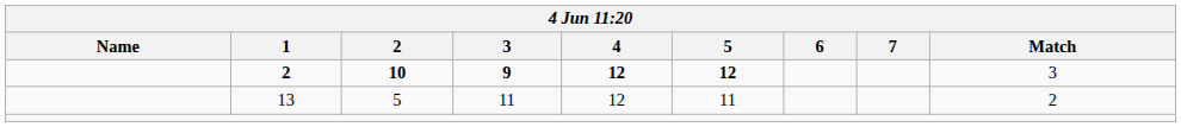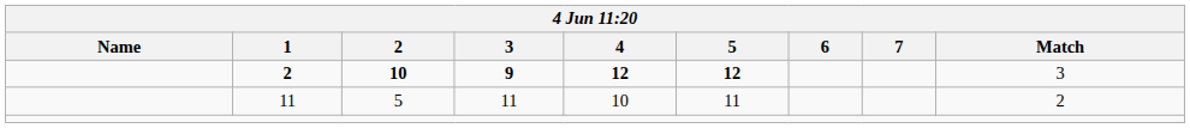 <table class=wikitable style="text-align:center; width: 55%">
 <tr>
 <th colspan=17><em> 4 Jun 11:20</em></th>
 </tr>
 <tr>
 <th>Name</th>
 <th>1</th>
 <th>2</th>
 <th>3</th>
 <th>4</th>
 <th>5</th>
 <th>6</th>
 <th>7</th>
 <th>Match</th>
 </tr>
 <tr>
 <td style="text-align:left;"><strong></strong></td>
 <td><strong>2</strong></td>
 <td><strong>10</strong></td>
 <td><strong>9</strong></td>
 <td><strong>12</strong></td>
 <td><strong>12</strong></td>
 <td></td>
 <td></td>
 <td>3</td>
 </tr>
 <tr>
 <td style="text-align:left;"></td>
-<td>13</td>
+<td>11</td>
 <td>5</td>
 <td>11</td>
-<td>12</td>
+<td>10</td>
 <td>11</td>
 <td></td>
 <td></td>
 <td>2</td>
 </tr>
 <tr>
 <td colspan=17></td>
 </tr>
 </table>
